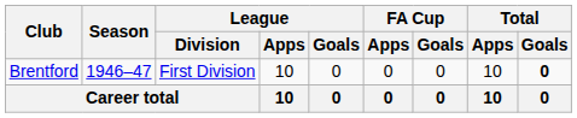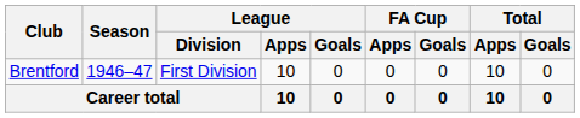 <table class="wikitable" style="text-align: center;">
 <tr>
 <th rowspan="2">Club</th>
 <th rowspan="2">Season</th>
 <th colspan="3">League</th>
 <th colspan="2">FA Cup</th>
 <th colspan="2">Total</th>
 </tr>
 <tr>
 <th>Division</th>
 <th>Apps</th>
 <th>Goals</th>
 <th>Apps</th>
 <th>Goals</th>
 <th>Apps</th>
 <th>Goals</th>
 </tr>
 <tr>
 <td><a href='#'>Brentford</a></td>
 <td><a href='#'>1946–47</a></td>
 <td><a href='#'>First Division</a></td>
 <td>10</td>
 <td>0</td>
 <td>0</td>
 <td>0</td>
 <td>10</td>
-<td><strong>0</strong></td>
+<td>0</td>
 </tr>
 <tr>
 <th colspan="3">Career total</th>
 <th>10</th>
 <th>0</th>
 <th>0</th>
 <th>0</th>
 <th>10</th>
 <th>0</th>
 </tr>
 </table>
